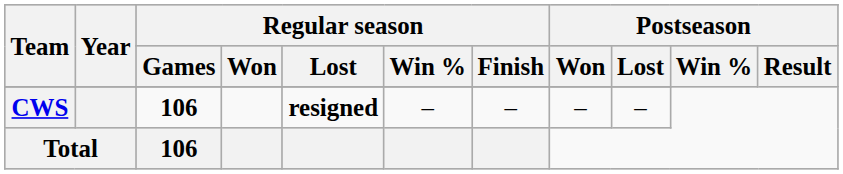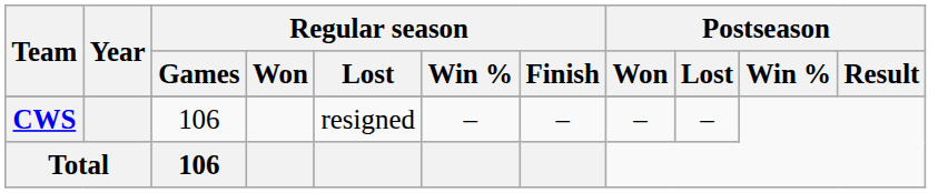 <table class="wikitable" style="font-size: 95%; text-align:center;">
 <tr>
 <th rowspan="2">Team</th>
 <th rowspan="2">Year</th>
 <th colspan="5">Regular season</th>
 <th colspan="4">Postseason</th>
 </tr>
 <tr>
 <th>Games</th>
 <th>Won</th>
 <th>Lost</th>
 <th>Win %</th>
 <th>Finish</th>
 <th>Won</th>
 <th>Lost</th>
 <th>Win %</th>
 <th>Result</th>
 </tr>
 <tr>
 </tr>
 <tr>
 <th><a href='#'>CWS</a></th>
 <th></th>
-<td><strong>106</strong></td>
+<td>106</td>
 <td></td>
-<td><strong>resigned</strong></td>
+<td>resigned</td>
 <td>–</td>
 <td>–</td>
 <td>–</td>
 <td>–</td>
 </tr>
 <tr>
 <th colspan="2">Total</th>
 <th>106</th>
 <th></th>
 <th></th>
 <th></th>
 <th></th>
 </tr>
 </table>
